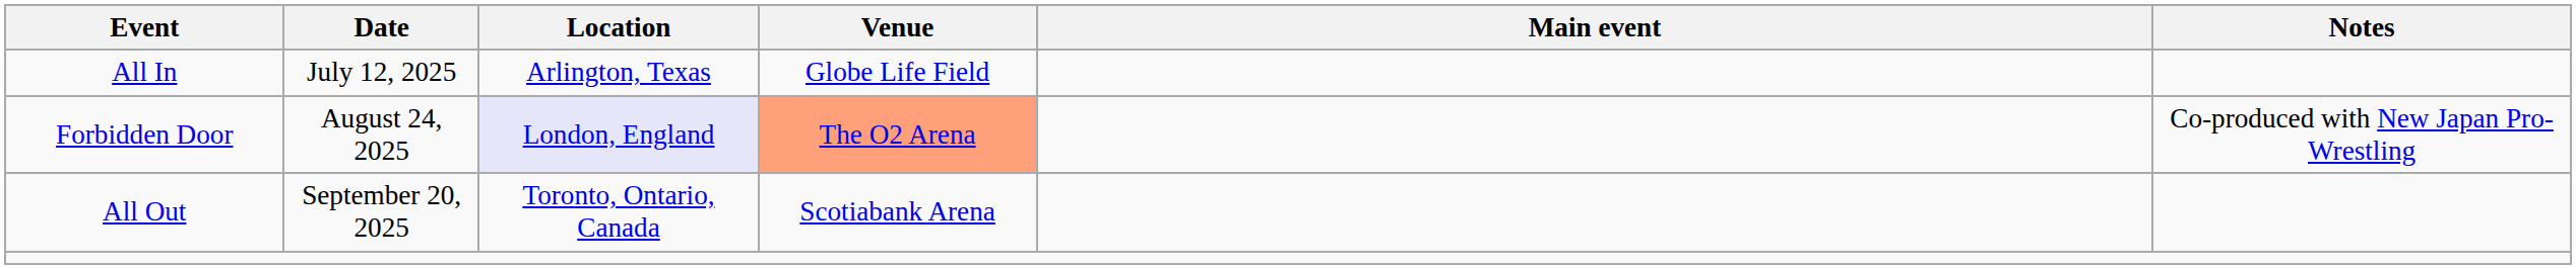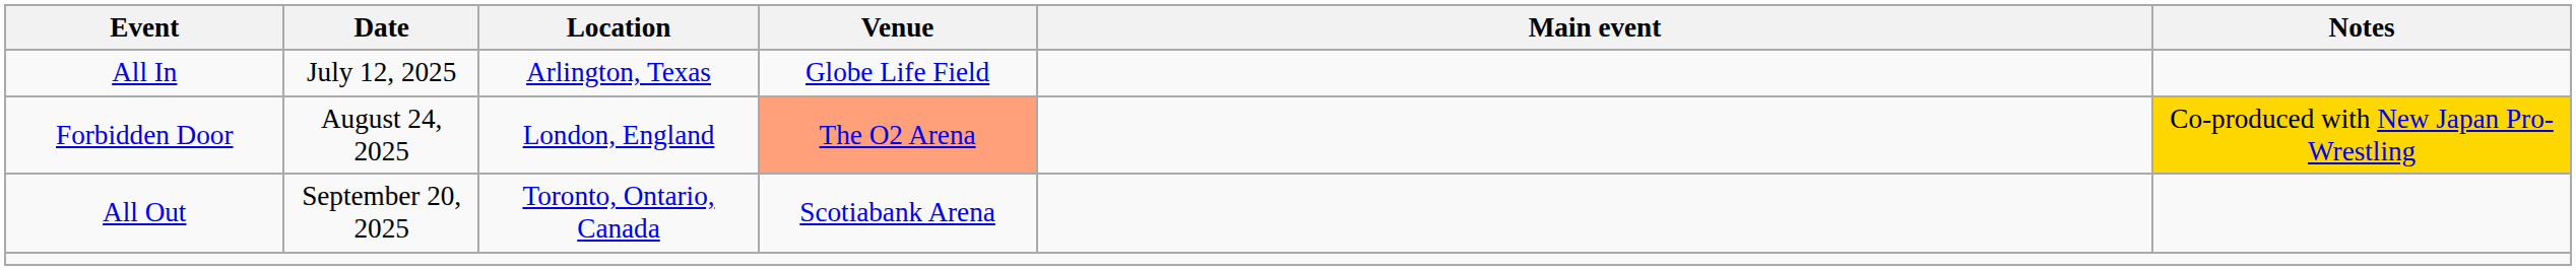 <table class="sortable wikitable succession-box" style="font-size:85%; text-align:center; width: 100%">
 <tr>
 <th scope="col" width="10%">Event</th>
 <th scope="col" width="7%">Date</th>
 <th scope="col" width="10%">Location</th>
 <th scope="col" width="10%">Venue</th>
 <th scope="col" width="40%">Main event</th>
 <th scope="col" width="15%">Notes</th>
 </tr>
 <tr>
 <td><a href='#'>All In</a></td>
 <td>July 12, 2025</td>
 <td><a href='#'>Arlington, Texas</a></td>
 <td><a href='#'>Globe Life Field</a></td>
 <td></td>
 <td></td>
 </tr>
 <tr>
 <td><a href='#'>Forbidden Door</a></td>
 <td>August 24, 2025</td>
-<td style="background: lavender;"><a href='#'>London, England</a></td>
+<td><a href='#'>London, England</a></td>
 <td style="background: lightsalmon;"><a href='#'>The O2 Arena</a></td>
 <td></td>
-<td>Co-produced with <a href='#'>New Japan Pro-Wrestling</a></td>
+<td style="background: gold;">Co-produced with <a href='#'>New Japan Pro-Wrestling</a></td>
 </tr>
 <tr>
 <td><a href='#'>All Out</a></td>
 <td>September 20, 2025</td>
 <td><a href='#'>Toronto, Ontario, Canada</a></td>
 <td><a href='#'>Scotiabank Arena</a></td>
 <td></td>
 <td></td>
 </tr>
 <tr>
 <td colspan="6"></td>
 </tr>
 </table>
